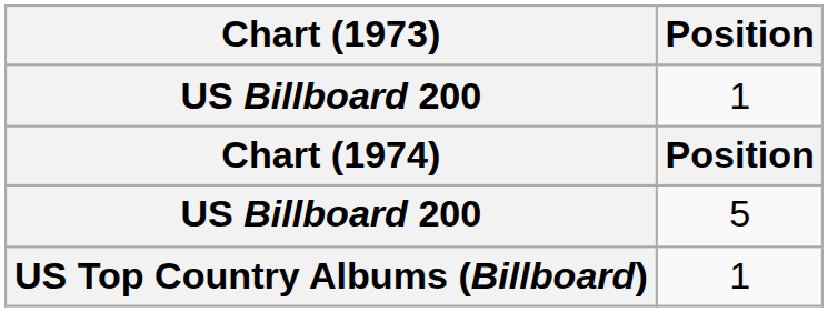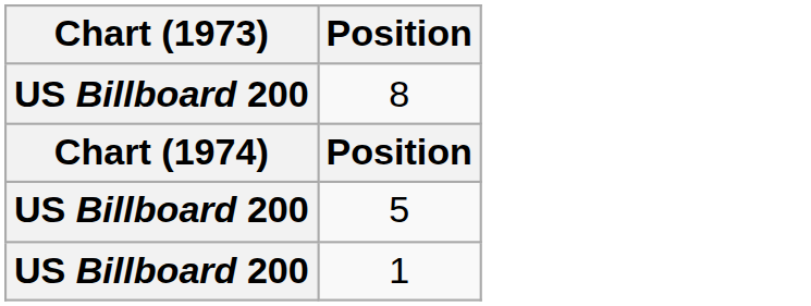 <table class="wikitable plainrowheaders" style="text-align:center">
 <tr>
 <th scope="col">Chart (1973)</th>
 <th scope="col">Position</th>
 </tr>
 <tr>
 <th scope="row">US <em>Billboard</em> 200</th>
-<td>1</td>
+<td>8</td>
 </tr>
 <tr>
 <th scope="col">Chart (1974)</th>
 <th scope="col">Position</th>
 </tr>
 <tr>
 <th scope="row">US <em>Billboard</em> 200</th>
 <td>5</td>
 </tr>
 <tr>
-<th scope="row">US Top Country Albums (<em>Billboard</em>)</th>
+<th scope="row">US <em>Billboard</em> 200</th>
 <td>1</td>
 </tr>
 </table>
